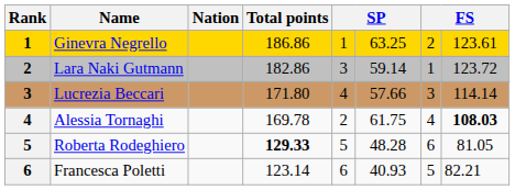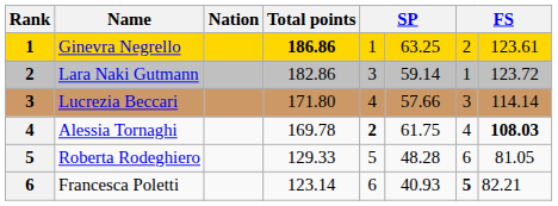 <table class="wikitable sortable">
 <tr>
 <th>Rank</th>
 <th>Name</th>
 <th>Nation</th>
 <th>Total points</th>
 <th colspan="2" width="80px"><a href='#'>SP</a></th>
 <th colspan="2" width="80px"><a href='#'>FS</a></th>
 </tr>
 <tr bgcolor="gold">
 <td align="center"><strong>1</strong></td>
 <td><a href='#'>Ginevra Negrello</a></td>
 <td></td>
-<td align="center">186.86</td>
+<td align="center"><strong>186.86</strong></td>
 <td align="center">1</td>
 <td align="center">63.25</td>
 <td align="center">2</td>
 <td align="center">123.61</td>
 </tr>
 <tr>
 </tr>
 <tr bgcolor="silver">
 <td align="center"><strong>2</strong></td>
 <td><a href='#'>Lara Naki Gutmann</a></td>
 <td></td>
 <td align="center">182.86</td>
 <td align="center">3</td>
 <td align="center">59.14</td>
 <td align="center">1</td>
 <td align="center">123.72</td>
 </tr>
 <tr>
 </tr>
 <tr bgcolor="cc9966">
 <td align="center"><strong>3</strong></td>
 <td><a href='#'>Lucrezia Beccari</a></td>
 <td></td>
 <td align="center">171.80</td>
 <td align="center">4</td>
 <td align="center">57.66</td>
 <td align="center">3</td>
 <td align="center">114.14</td>
 </tr>
 <tr>
 <th>4</th>
 <td><a href='#'>Alessia Tornaghi</a></td>
 <td></td>
 <td align="center">169.78</td>
-<td align="center">2</td>
+<td align="center"><strong>2</strong></td>
 <td align="center">61.75</td>
 <td align="center">4</td>
 <td align="center"><strong>108.03</strong></td>
 </tr>
 <tr>
 <th>5</th>
 <td><a href='#'>Roberta Rodeghiero</a></td>
 <td></td>
-<td align="center"><strong>129.33</strong></td>
+<td align="center">129.33</td>
 <td align="center">5</td>
 <td align="center">48.28</td>
 <td align="center">6</td>
 <td align="center">81.05</td>
 </tr>
 <tr>
 <th>6</th>
 <td>Francesca Poletti</td>
 <td></td>
 <td align="center" style="text-align:center " ;>123.14</td>
 <td align="center">6</td>
 <td align="center">40.93</td>
-<td style="text-align:center " ;>5</td>
+<td style="text-align:center " ;><strong>5</strong></td>
 <td>82.21</td>
 </tr>
 </table>
